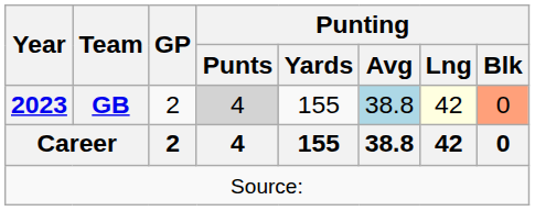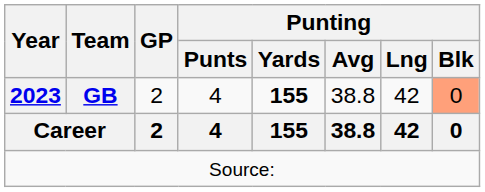 <table class="wikitable" style="text-align:center">
 <tr>
 <th rowspan="2">Year</th>
 <th rowspan="2">Team</th>
 <th rowspan="2">GP</th>
 <th colspan="5">Punting</th>
 </tr>
 <tr>
 <th>Punts</th>
 <th>Yards</th>
 <th>Avg</th>
 <th>Lng</th>
 <th>Blk</th>
 </tr>
 <tr>
 <th><a href='#'>2023</a></th>
 <th><a href='#'>GB</a></th>
 <td>2</td>
-<td style="background: lightgrey;">4</td>
-<td>155</td>
-<td style="background: lightblue;">38.8</td>
-<td style="background: lightyellow;">42</td>
+<td>4</td>
+<td><strong>155</strong></td>
+<td>38.8</td>
+<td>42</td>
 <td style="background: lightsalmon;">0</td>
 </tr>
 <tr>
 <th colspan="2">Career</th>
 <th>2</th>
 <th>4</th>
 <th>155</th>
 <th>38.8</th>
 <th>42</th>
 <th>0</th>
 </tr>
 <tr>
 <td colspan="8"><small>Source: </small></td>
 </tr>
 </table>
